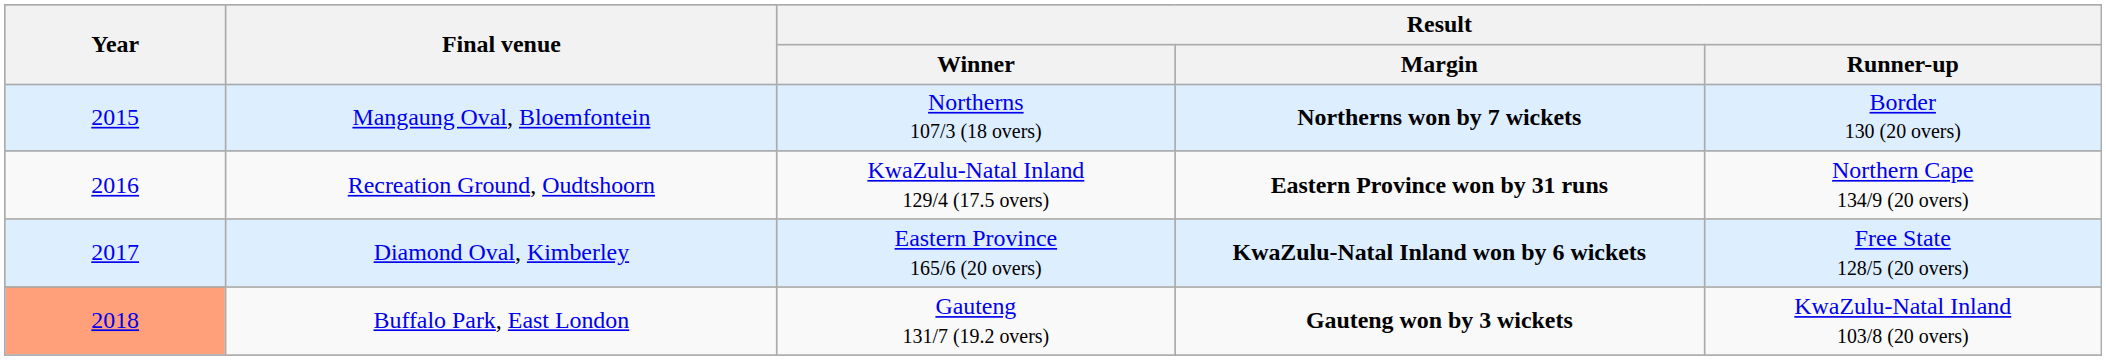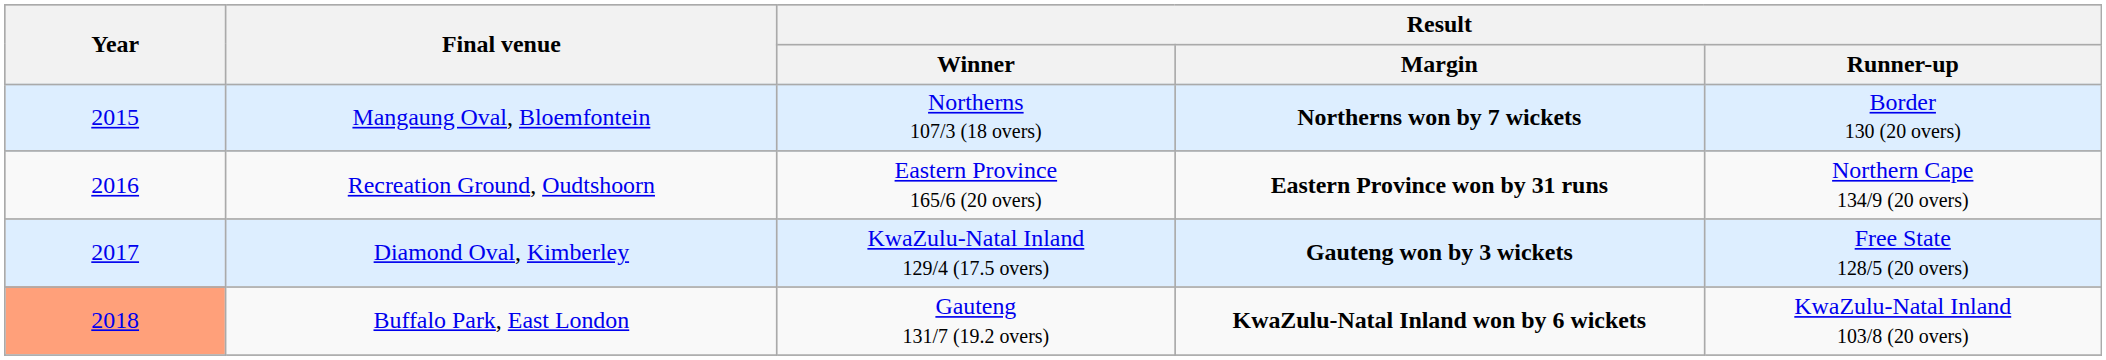 <table class="wikitable" style="font-size:90%; width: 100%; text-align: center;">
 <tr>
 <th rowspan=2 width=10%>Year</th>
 <th rowspan=2 width=25%>Final venue</th>
 <th colspan=3>Result</th>
 </tr>
 <tr>
 <th width=18%>Winner</th>
 <th width=24%>Margin</th>
 <th width=18%>Runner-up</th>
 </tr>
 <tr style="background:#ddeeff">
 <td><a href='#'>2015</a></td>
 <td><a href='#'>Mangaung Oval</a>, <a href='#'>Bloemfontein</a></td>
 <td><a href='#'>Northerns</a><br><small>107/3 (18 overs)</small></td>
 <td><strong>Northerns won by 7 wickets</strong><br></td>
 <td><a href='#'>Border</a><br><small>130 (20 overs)</small></td>
 </tr>
 <tr>
 <td><a href='#'>2016</a></td>
 <td><a href='#'>Recreation Ground</a>, <a href='#'>Oudtshoorn</a></td>
-<td><a href='#'>KwaZulu-Natal Inland</a><br><small>129/4 (17.5 overs)</small></td>
+<td><a href='#'>Eastern Province</a><br><small>165/6 (20 overs)</small></td>
 <td><strong>Eastern Province won by 31 runs</strong><br></td>
 <td><a href='#'>Northern Cape</a><br><small>134/9 (20 overs)</small></td>
 </tr>
 <tr style="background:#ddeeff">
 <td><a href='#'>2017</a></td>
 <td><a href='#'>Diamond Oval</a>, <a href='#'>Kimberley</a></td>
-<td><a href='#'>Eastern Province</a><br><small>165/6 (20 overs)</small></td>
-<td><strong>KwaZulu-Natal Inland won by 6 wickets</strong><br></td>
+<td><a href='#'>KwaZulu-Natal Inland</a><br><small>129/4 (17.5 overs)</small></td>
+<td><strong>Gauteng won by 3 wickets</strong><br></td>
 <td><a href='#'>Free State</a><br><small>128/5 (20 overs)</small></td>
 </tr>
 <tr>
 <td style="background: lightsalmon;"><a href='#'>2018</a></td>
 <td><a href='#'>Buffalo Park</a>, <a href='#'>East London</a></td>
 <td><a href='#'>Gauteng</a><br><small>131/7 (19.2 overs)</small></td>
-<td><strong>Gauteng won by 3 wickets</strong><br></td>
+<td><strong>KwaZulu-Natal Inland won by 6 wickets</strong><br></td>
 <td><a href='#'>KwaZulu-Natal Inland</a><br><small>103/8 (20 overs)</small></td>
 </tr>
 </table>
